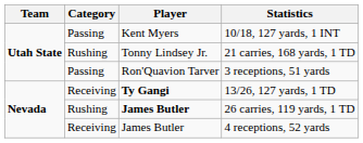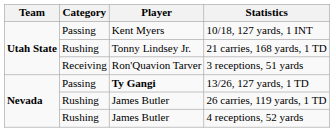 <table class="wikitable" style="float: left;">
 <tr>
 <th>Team</th>
 <th>Category</th>
 <th>Player</th>
 <th>Statistics</th>
 </tr>
 <tr>
 <td rowspan=3><strong>Utah State</strong></td>
 <td>Passing</td>
 <td>Kent Myers</td>
 <td>10/18, 127 yards, 1 INT</td>
 </tr>
 <tr>
 <td>Rushing</td>
 <td>Tonny Lindsey Jr.</td>
 <td>21 carries, 168 yards, 1 TD</td>
 </tr>
 <tr>
-<td>Passing</td>
+<td>Receiving</td>
 <td>Ron'Quavion Tarver</td>
 <td>3 receptions, 51 yards</td>
 </tr>
 <tr>
 <td rowspan=3><strong>Nevada</strong></td>
-<td>Receiving</td>
+<td>Passing</td>
 <td><strong>Ty Gangi</strong></td>
 <td>13/26, 127 yards, 1 TD</td>
 </tr>
 <tr>
 <td>Rushing</td>
-<td><strong>James Butler</strong></td>
+<td>James Butler</td>
 <td>26 carries, 119 yards, 1 TD</td>
 </tr>
 <tr>
-<td>Receiving</td>
+<td>Rushing</td>
 <td>James Butler</td>
 <td>4 receptions, 52 yards</td>
 </tr>
 </table>
